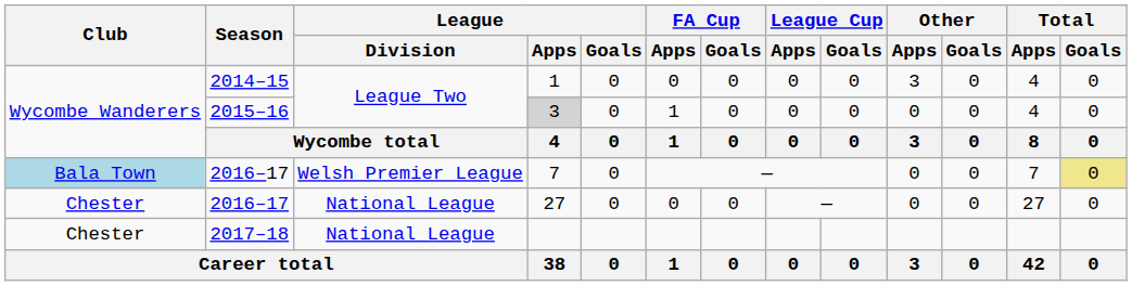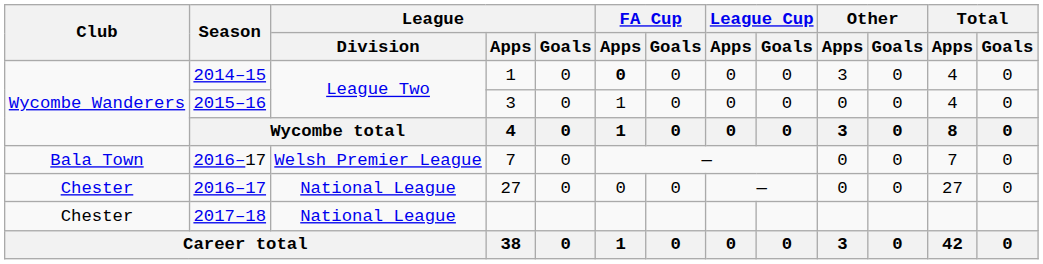 <table class="wikitable" style="text-align:center">
 <tr>
 <th rowspan="2">Club</th>
 <th rowspan="2">Season</th>
 <th colspan="3">League</th>
 <th colspan="2"><a href='#'>FA Cup</a></th>
 <th colspan="2"><a href='#'>League Cup</a></th>
 <th colspan="2">Other</th>
 <th colspan="2">Total</th>
 </tr>
 <tr>
 <th>Division</th>
 <th>Apps</th>
 <th>Goals</th>
 <th>Apps</th>
 <th>Goals</th>
 <th>Apps</th>
 <th>Goals</th>
 <th>Apps</th>
 <th>Goals</th>
 <th>Apps</th>
 <th>Goals</th>
 </tr>
 <tr>
 <td rowspan="3"><a href='#'>Wycombe Wanderers</a></td>
 <td><a href='#'>2014–15</a></td>
 <td rowspan="2"><a href='#'>League Two</a></td>
 <td>1</td>
 <td>0</td>
-<td>0</td>
+<td><strong>0</strong></td>
 <td>0</td>
 <td>0</td>
 <td>0</td>
 <td>3</td>
 <td>0</td>
 <td>4</td>
 <td>0</td>
 </tr>
 <tr>
 <td><a href='#'>2015–16</a></td>
-<td style="background: lightgrey;">3</td>
+<td>3</td>
 <td>0</td>
 <td>1</td>
 <td>0</td>
 <td>0</td>
 <td>0</td>
 <td>0</td>
 <td>0</td>
 <td>4</td>
 <td>0</td>
 </tr>
 <tr>
 <th colspan="2">Wycombe total</th>
 <th>4</th>
 <th>0</th>
 <th>1</th>
 <th>0</th>
 <th>0</th>
 <th>0</th>
 <th>3</th>
 <th>0</th>
 <th>8</th>
 <th>0</th>
 </tr>
 <tr>
-<td style="background: lightblue;"><a href='#'>Bala Town</a></td>
+<td><a href='#'>Bala Town</a></td>
 <td><a href='#'>2016</a><a href='#'>–</a>17</td>
 <td><a href='#'>Welsh Premier League</a></td>
 <td>7</td>
 <td>0</td>
 <td colspan="4">—</td>
 <td>0</td>
 <td>0</td>
 <td>7</td>
-<td style="background: khaki;">0</td>
+<td>0</td>
 </tr>
 <tr>
 <td><a href='#'>Chester</a></td>
 <td><a href='#'>2016–17</a></td>
 <td><a href='#'>National League</a></td>
 <td>27</td>
 <td>0</td>
 <td>0</td>
 <td>0</td>
 <td colspan="2">—</td>
 <td>0</td>
 <td>0</td>
 <td>27</td>
 <td>0</td>
 </tr>
 <tr>
 <td>Chester</td>
 <td><a href='#'>2017–18</a></td>
 <td><a href='#'>National League</a></td>
 <td></td>
 <td></td>
 <td></td>
 <td></td>
 <td></td>
 <td></td>
 <td></td>
 <td></td>
 <td></td>
 <td></td>
 </tr>
 <tr>
 <th colspan="3">Career total</th>
 <th>38</th>
 <th>0</th>
 <th>1</th>
 <th>0</th>
 <th>0</th>
 <th>0</th>
 <th>3</th>
 <th>0</th>
 <th>42</th>
 <th>0</th>
 </tr>
 </table>
